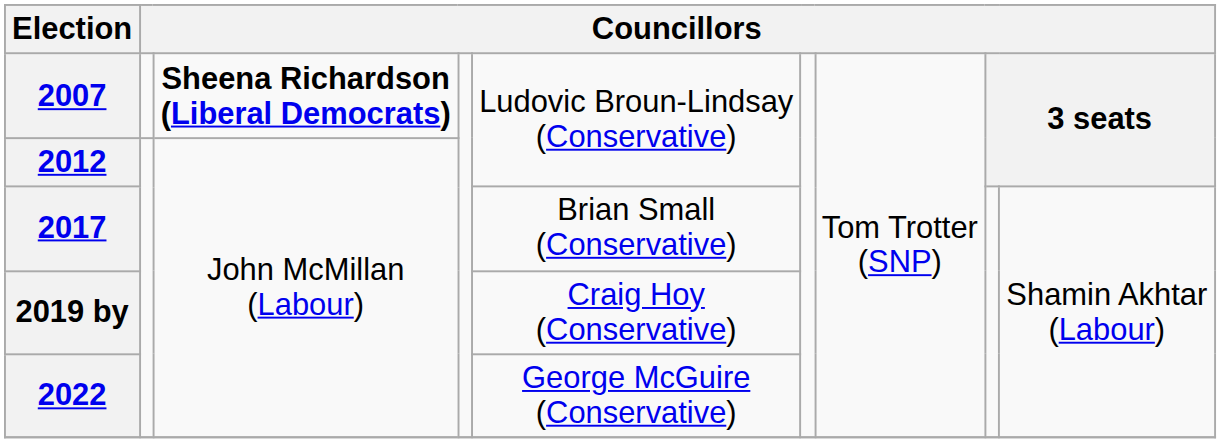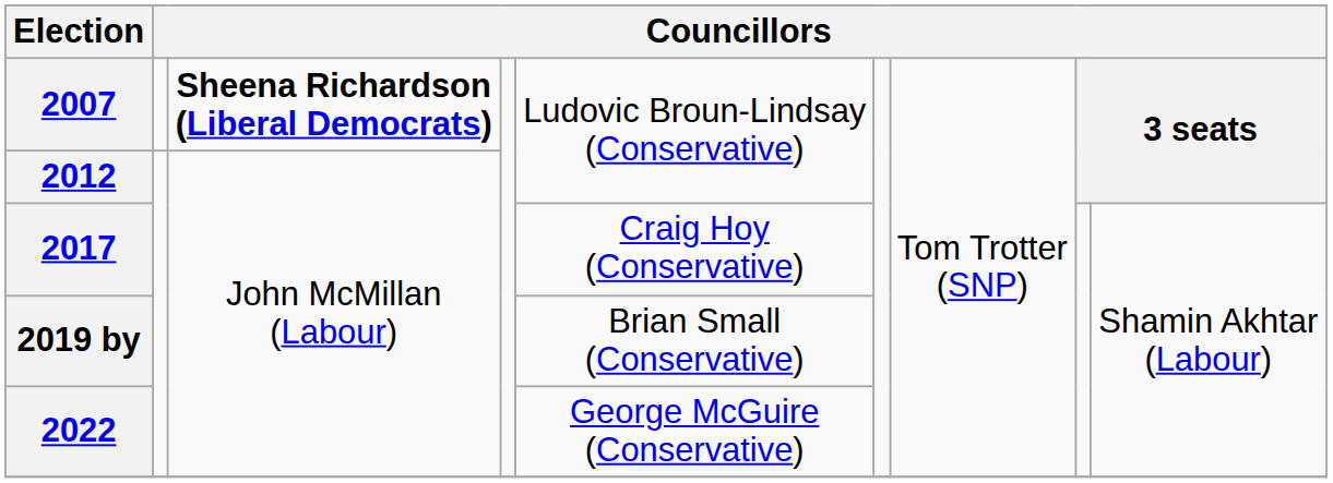 <table class="wikitable" style="text-align:center">
 <tr>
 <th>Election</th>
 <th colspan=8>Councillors</th>
 </tr>
 <tr>
 <th><a href='#'>2007</a></th>
 <td rowspan=1; style="background-color: "></td>
 <td rowspan=1><strong>Sheena Richardson<br>(<a href='#'>Liberal Democrats</a>)</strong></td>
 <td rowspan=5; style="background-color: "></td>
 <td rowspan=2>Ludovic Broun-Lindsay<br>(<a href='#'>Conservative</a>)</td>
 <td rowspan=5; style="background-color: "></td>
 <td rowspan=5>Tom Trotter<br>(<a href='#'>SNP</a>)</td>
 <th colspan=2; rowspan=2>3 seats</th>
 </tr>
 <tr>
 <th><a href='#'>2012</a></th>
 <td rowspan=4; style="background-color: "></td>
 <td rowspan=4>John McMillan<br>(<a href='#'>Labour</a>)</td>
 </tr>
 <tr>
 <th><a href='#'>2017</a></th>
-<td rowspan=1>Brian Small<br>(<a href='#'>Conservative</a>)</td>
+<td rowspan=1><a href='#'>Craig Hoy</a><br>(<a href='#'>Conservative</a>)</td>
 <td rowspan=3; style="background-color: "></td>
 <td rowspan=3>Shamin Akhtar<br>(<a href='#'>Labour</a>)</td>
 </tr>
 <tr>
 <th>2019 by</th>
-<td rowspan=1><a href='#'>Craig Hoy</a><br>(<a href='#'>Conservative</a>)</td>
+<td rowspan=1>Brian Small<br>(<a href='#'>Conservative</a>)</td>
 </tr>
 <tr>
 <th><a href='#'>2022</a></th>
 <td rowspan=1><a href='#'>George McGuire</a><br>(<a href='#'>Conservative</a>)</td>
 </tr>
 <tr>
 </tr>
 </table>
